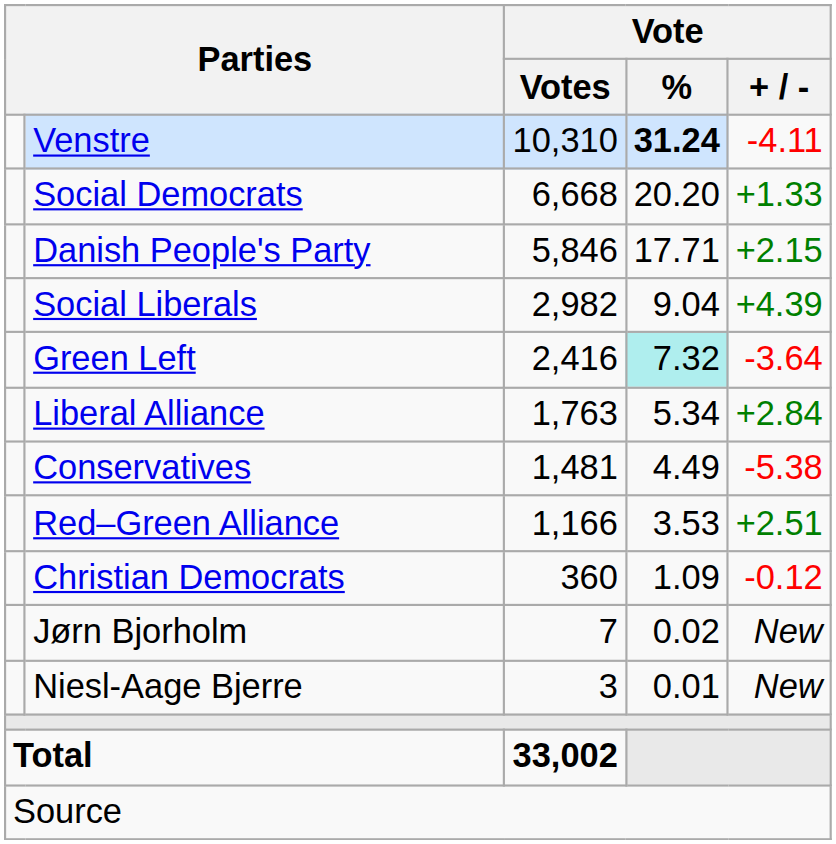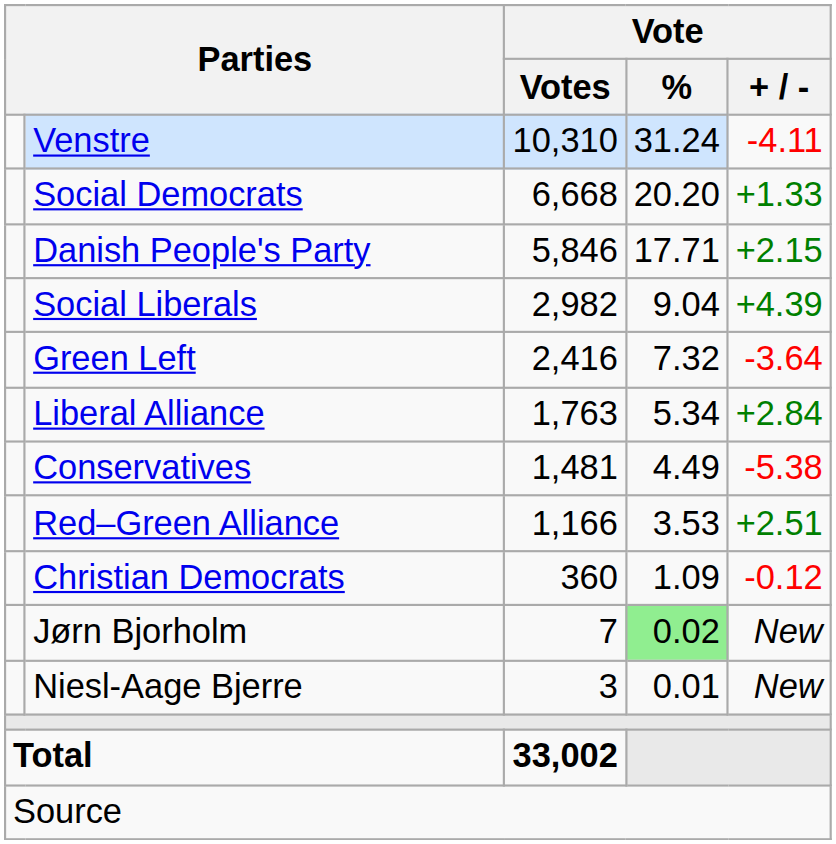 <table class="wikitable" style="text-align:right;">
 <tr>
 <th style="text-align:centre;" rowspan="2" colspan="2" width="225">Parties</th>
 <th colspan="3">Vote</th>
 </tr>
 <tr>
 <th width="15">Votes</th>
 <th width="15">%</th>
 <th width="15">+ / -</th>
 </tr>
 <tr>
 <td width="2" style="color:inherit;background:"></td>
 <td bgcolor=#cfe5fe  align="left"><a href='#'>Venstre</a></td>
 <td bgcolor=#cfe5fe>10,310</td>
-<td bgcolor=#cfe5fe><strong>31.24</strong></td>
+<td bgcolor=#cfe5fe>31.24</td>
 <td style=color:red;>-4.11</td>
 </tr>
 <tr>
 <td width="2" style="color:inherit;background:"></td>
 <td align="left"><a href='#'>Social Democrats</a></td>
 <td>6,668</td>
 <td>20.20</td>
 <td style=color:green;>+1.33</td>
 </tr>
 <tr>
 <td width="2" style="color:inherit;background:"></td>
 <td align="left"><a href='#'>Danish People's Party</a></td>
 <td>5,846</td>
 <td>17.71</td>
 <td style=color:green;>+2.15</td>
 </tr>
 <tr>
 <td width="2" style="color:inherit;background:"></td>
 <td align="left"><a href='#'>Social Liberals</a></td>
 <td>2,982</td>
 <td>9.04</td>
 <td style=color:green;>+4.39</td>
 </tr>
 <tr>
 <td width="2" style="color:inherit;background:"></td>
 <td align="left"><a href='#'>Green Left</a></td>
 <td>2,416</td>
-<td style="background: paleturquoise;">7.32</td>
+<td>7.32</td>
 <td style=color:red;>-3.64</td>
 </tr>
 <tr>
 <td width="2" style="color:inherit;background:"></td>
 <td align="left"><a href='#'>Liberal Alliance</a></td>
 <td>1,763</td>
 <td>5.34</td>
 <td style=color:green;>+2.84</td>
 </tr>
 <tr>
 <td width="2" style="color:inherit;background:"></td>
 <td align="left"><a href='#'>Conservatives</a></td>
 <td>1,481</td>
 <td>4.49</td>
 <td style=color:red;>-5.38</td>
 </tr>
 <tr>
 <td width="2" style="color:inherit;background:"></td>
 <td align="left"><a href='#'>Red–Green Alliance</a></td>
 <td>1,166</td>
 <td>3.53</td>
 <td style=color:green;>+2.51</td>
 </tr>
 <tr>
 <td width="2" style="color:inherit;background:"></td>
 <td align="left"><a href='#'>Christian Democrats</a></td>
 <td>360</td>
 <td>1.09</td>
 <td style=color:red;>-0.12</td>
 </tr>
 <tr>
 <td width="2" style="color:inherit;background:"></td>
 <td align="left">Jørn Bjorholm</td>
 <td>7</td>
-<td>0.02</td>
+<td style="background: lightgreen;">0.02</td>
 <td><em>New</em></td>
 </tr>
 <tr>
 <td width="2" style="color:inherit;background:"></td>
 <td align="left">Niesl-Aage Bjerre</td>
 <td>3</td>
 <td>0.01</td>
 <td><em>New</em></td>
 </tr>
 <tr>
 <td colspan="7" bgcolor="#E9E9E9"></td>
 </tr>
 <tr>
 <td align="left" colspan="2"><strong>Total</strong></td>
 <td><strong>33,002</strong></td>
 <td bgcolor="#E9E9E9" colspan="2"></td>
 </tr>
 <tr>
 <td align="left" colspan="6">Source</td>
 </tr>
 </table>
